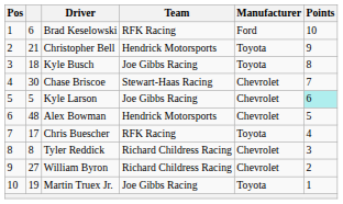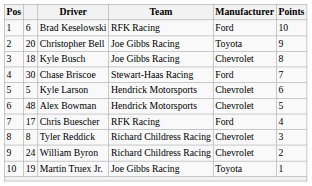 <table class="wikitable" style="font-size:98%">
 <tr>
 <th>Pos</th>
 <th></th>
 <th>Driver</th>
 <th>Team</th>
 <th>Manufacturer</th>
 <th>Points</th>
 </tr>
 <tr>
 <td>1</td>
 <td>6</td>
 <td>Brad Keselowski</td>
 <td>RFK Racing</td>
 <td>Ford</td>
 <td>10</td>
 </tr>
 <tr>
 <td>2</td>
-<td>21</td>
+<td>20</td>
 <td>Christopher Bell</td>
-<td>Hendrick Motorsports</td>
+<td>Joe Gibbs Racing</td>
 <td>Toyota</td>
 <td>9</td>
 </tr>
 <tr>
 <td>3</td>
 <td>18</td>
 <td>Kyle Busch</td>
 <td>Joe Gibbs Racing</td>
-<td>Toyota</td>
+<td>Chevrolet</td>
 <td>8</td>
 </tr>
 <tr>
 <td>4</td>
 <td>30</td>
 <td>Chase Briscoe</td>
 <td>Stewart-Haas Racing</td>
-<td>Chevrolet</td>
+<td>Ford</td>
 <td>7</td>
 </tr>
 <tr>
 <td>5</td>
 <td>5</td>
 <td>Kyle Larson</td>
-<td>Joe Gibbs Racing</td>
+<td>Hendrick Motorsports</td>
 <td>Chevrolet</td>
-<td style="background: paleturquoise;">6</td>
+<td>6</td>
 </tr>
 <tr>
 <td>6</td>
 <td>48</td>
 <td>Alex Bowman</td>
 <td>Hendrick Motorsports</td>
 <td>Chevrolet</td>
 <td>5</td>
 </tr>
 <tr>
 <td>7</td>
 <td>17</td>
 <td>Chris Buescher</td>
 <td>RFK Racing</td>
-<td>Toyota</td>
+<td>Ford</td>
 <td>4</td>
 </tr>
 <tr>
 <td>8</td>
 <td>8</td>
 <td>Tyler Reddick</td>
 <td>Richard Childress Racing</td>
 <td>Chevrolet</td>
 <td>3</td>
 </tr>
 <tr>
 <td>9</td>
-<td>27</td>
+<td>24</td>
 <td>William Byron</td>
 <td>Richard Childress Racing</td>
 <td>Chevrolet</td>
 <td>2</td>
 </tr>
 <tr>
 <td>10</td>
 <td>19</td>
 <td>Martin Truex Jr.</td>
 <td>Joe Gibbs Racing</td>
 <td>Toyota</td>
 <td>1</td>
 </tr>
 <tr>
 <th colspan="6"></th>
 </tr>
 </table>
